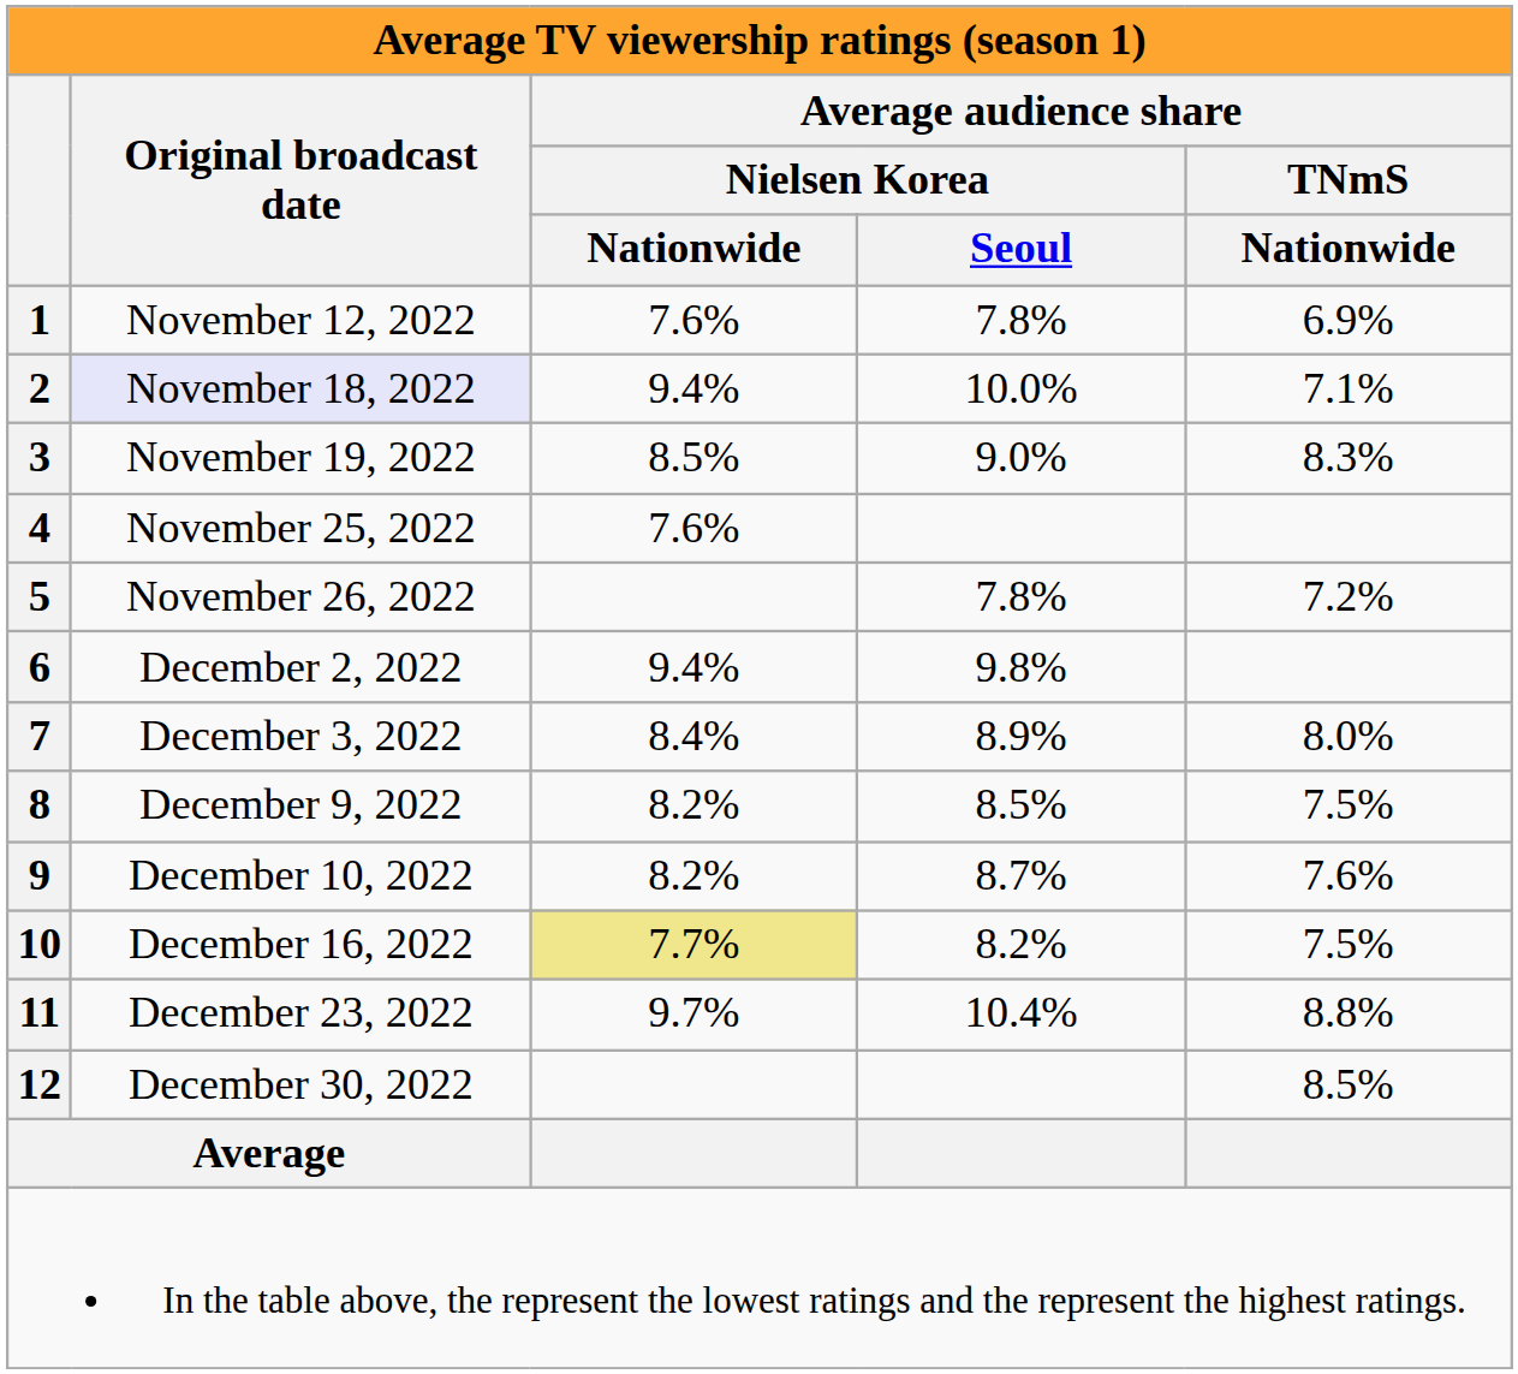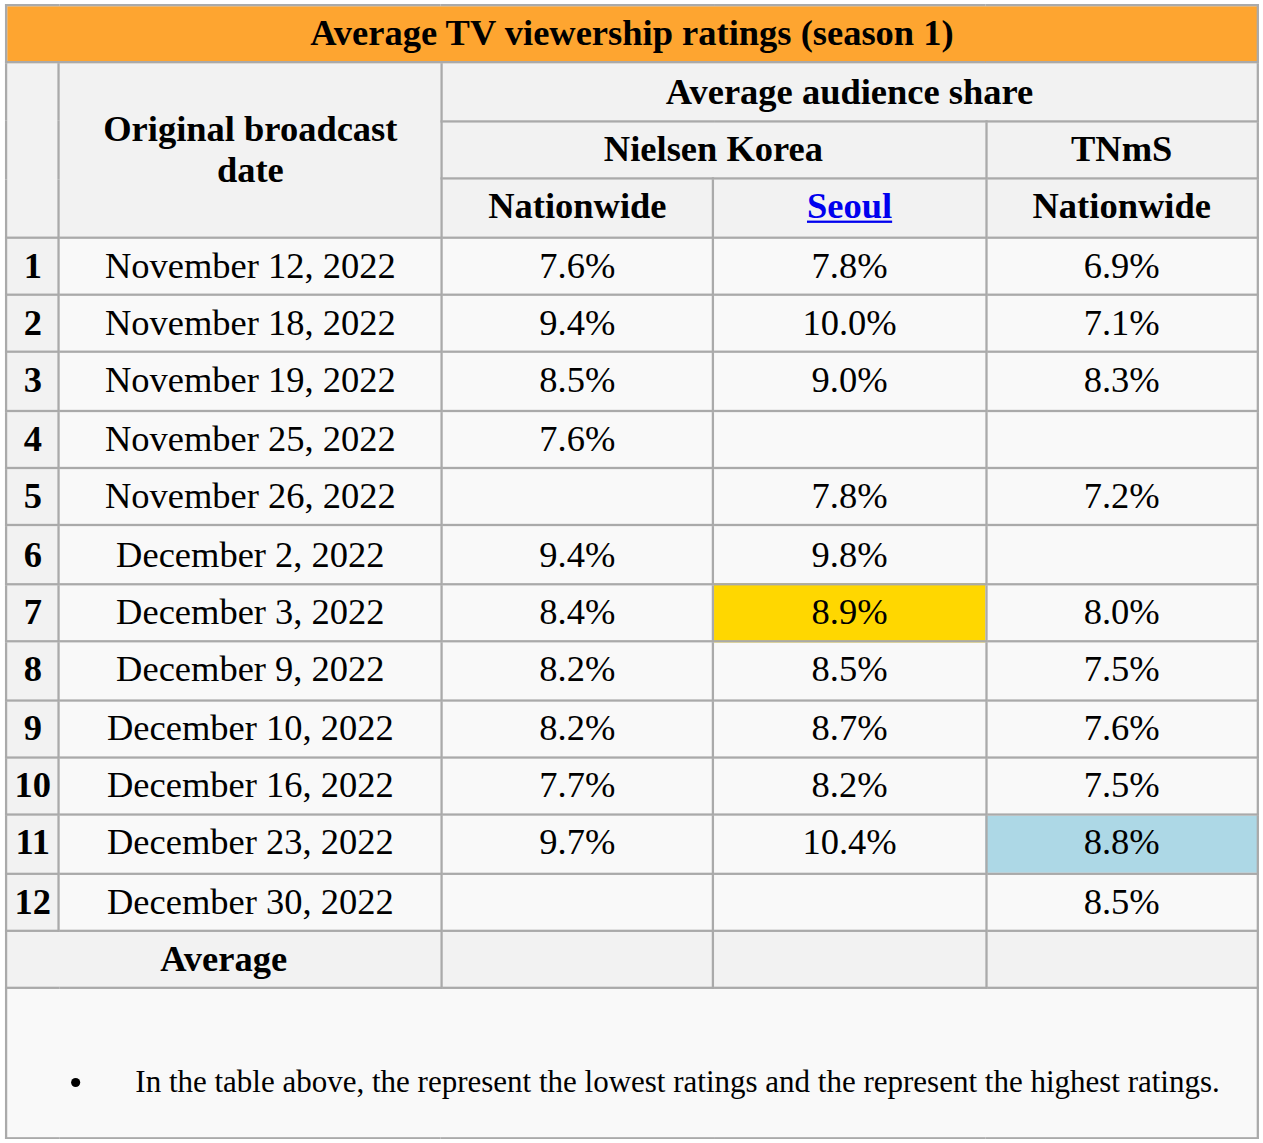 <table class="wikitable collapsible collapsed" style="text-align:center; max-width:550px; margin-left:auto; margin-right:auto">
 <tr>
 <th colspan="7" style="background:#FEA530; text-align:center">Average TV viewership ratings (season 1)</th>
 </tr>
 <tr>
 <th scope="col" rowspan="3"></th>
 <th scope="col" rowspan="3">Original broadcast date</th>
 <th scope="col" colspan="3">Average audience share</th>
 </tr>
 <tr>
 <th scope="col" colspan="2">Nielsen Korea</th>
 <th scope="col">TNmS</th>
 </tr>
 <tr>
 <th scope="col" style="width:7em">Nationwide</th>
 <th scope="col" style="width:7em"><a href='#'>Seoul</a></th>
 <th scope="col" style="width:7em">Nationwide</th>
 </tr>
 <tr>
 <th scope="row">1</th>
 <td>November 12, 2022</td>
 <td>7.6% </td>
 <td>7.8% </td>
 <td>6.9% </td>
 </tr>
 <tr>
 <th scope="row">2</th>
-<td style="background: lavender;">November 18, 2022</td>
+<td>November 18, 2022</td>
 <td>9.4% </td>
 <td>10.0%</td>
 <td>7.1% </td>
 </tr>
 <tr>
 <th scope="row">3</th>
 <td>November 19, 2022</td>
 <td>8.5% </td>
 <td>9.0% </td>
 <td>8.3% </td>
 </tr>
 <tr>
 <th scope="row">4</th>
 <td>November 25, 2022</td>
 <td>7.6% </td>
 <td><strong></strong> </td>
 <td><strong></strong> </td>
 </tr>
 <tr>
 <th scope="row">5</th>
 <td>November 26, 2022</td>
 <td><strong></strong>  </td>
 <td>7.8% </td>
 <td>7.2% </td>
 </tr>
 <tr>
 <th scope="row">6</th>
 <td>December 2, 2022</td>
 <td>9.4% </td>
 <td>9.8% </td>
 <td><strong></strong> </td>
 </tr>
 <tr>
 <th scope="row">7</th>
 <td>December 3, 2022</td>
 <td>8.4% </td>
-<td>8.9% </td>
+<td style="background: gold;">8.9% </td>
 <td>8.0% </td>
 </tr>
 <tr>
 <th scope="row">8</th>
 <td>December 9, 2022</td>
 <td>8.2% </td>
 <td>8.5% </td>
 <td>7.5% </td>
 </tr>
 <tr>
 <th scope="row">9</th>
 <td>December 10, 2022</td>
 <td>8.2% </td>
 <td>8.7% </td>
 <td>7.6% </td>
 </tr>
 <tr>
 <th scope="row">10</th>
 <td>December 16, 2022</td>
-<td style="background: khaki;">7.7% </td>
+<td>7.7% </td>
 <td>8.2% </td>
 <td>7.5% </td>
 </tr>
 <tr>
 <th scope="row">11</th>
 <td>December 23, 2022</td>
 <td>9.7% </td>
 <td>10.4% </td>
-<td>8.8% </td>
+<td style="background: lightblue;">8.8% </td>
 </tr>
 <tr>
 <th scope="row">12</th>
 <td>December 30, 2022</td>
 <td><strong></strong> </td>
 <td><strong></strong> </td>
 <td>8.5% </td>
 </tr>
 <tr>
 <th scope="col" colspan="2">Average</th>
 <th scope="col"></th>
 <th scope="col"></th>
 <th scope="col"></th>
 </tr>
 <tr>
 <td colspan="6" style="font-size:85%"><br><ul><li>In the table above, the <strong></strong> represent the lowest ratings and the <strong></strong> represent the highest ratings.</li></ul></td>
 </tr>
 </table>
